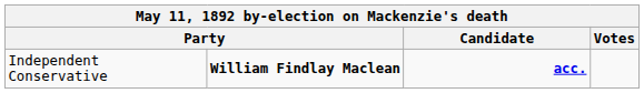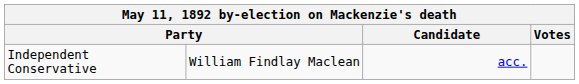 <table class="wikitable">
 <tr>
 <th colspan="6">May 11, 1892 by-election on Mackenzie's death</th>
 </tr>
 <tr>
 <th colspan="2" style="width: 200px">Party</th>
 <th style="width: 170px">Candidate</th>
 <th style="width: 40px">Votes</th>
 </tr>
 <tr>
 <td style="width: 185px">Independent Conservative</td>
-<td><strong>William Findlay Maclean</strong></td>
-<td align="right"><strong><a href='#'>acc.</a></strong></td>
+<td>William Findlay Maclean</td>
+<td align="right"><a href='#'>acc.</a></td>
 </tr>
 </table>
